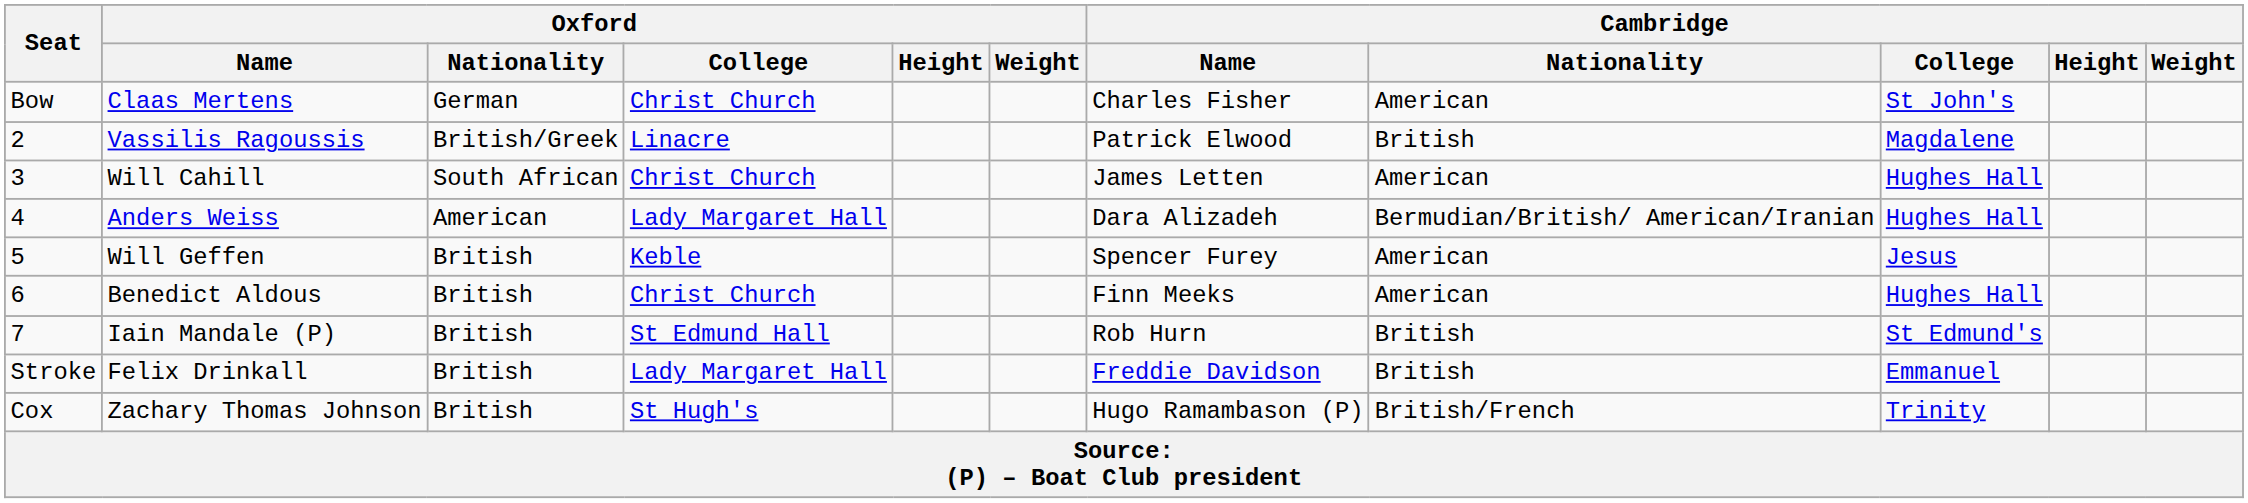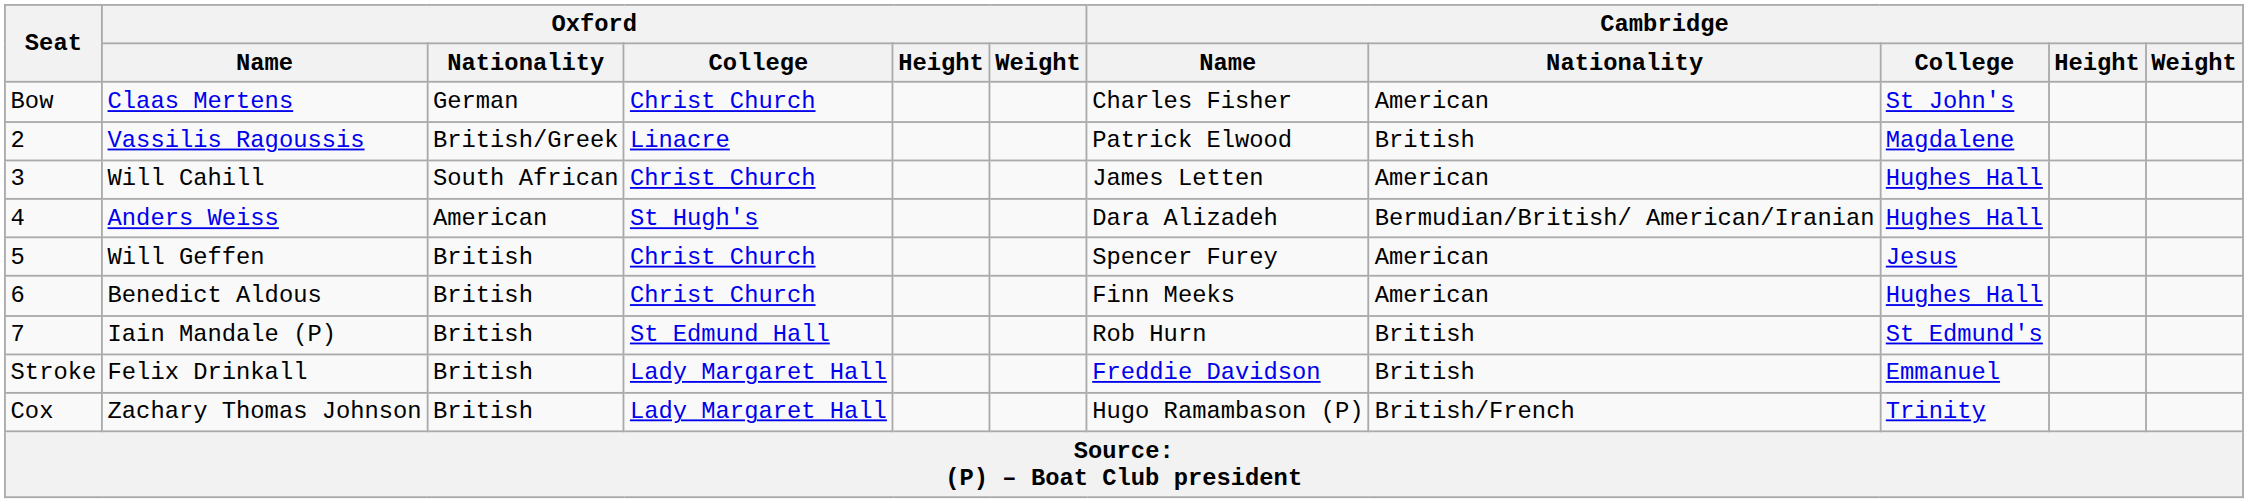 <table class="wikitable">
 <tr>
 <th rowspan="2" scope="col">Seat</th>
 <th colspan="5" scope="col">Oxford <br> </th>
 <th colspan="5" scope="col">Cambridge <br> </th>
 </tr>
 <tr>
 <th>Name</th>
 <th>Nationality</th>
 <th>College</th>
 <th>Height</th>
 <th>Weight</th>
 <th>Name</th>
 <th>Nationality</th>
 <th>College</th>
 <th>Height</th>
 <th>Weight</th>
 </tr>
 <tr>
 <td>Bow</td>
 <td><a href='#'>Claas Mertens</a></td>
 <td>German</td>
 <td><a href='#'>Christ Church</a></td>
 <td></td>
 <td></td>
 <td>Charles Fisher</td>
 <td>American</td>
 <td><a href='#'>St John's</a></td>
 <td></td>
 <td></td>
 </tr>
 <tr>
 <td>2</td>
 <td><a href='#'>Vassilis Ragoussis</a></td>
 <td>British/Greek</td>
 <td><a href='#'>Linacre</a></td>
 <td></td>
 <td></td>
 <td>Patrick Elwood</td>
 <td>British</td>
 <td><a href='#'>Magdalene</a></td>
 <td></td>
 <td></td>
 </tr>
 <tr>
 <td>3</td>
 <td>Will Cahill</td>
 <td>South African</td>
 <td><a href='#'>Christ Church</a></td>
 <td></td>
 <td></td>
 <td>James Letten</td>
 <td>American</td>
 <td><a href='#'>Hughes Hall</a></td>
 <td></td>
 <td></td>
 </tr>
 <tr>
 <td>4</td>
 <td><a href='#'>Anders Weiss</a></td>
 <td>American</td>
-<td><a href='#'>Lady Margaret Hall</a></td>
+<td><a href='#'>St Hugh's</a></td>
 <td></td>
 <td></td>
 <td>Dara Alizadeh</td>
 <td>Bermudian/British/ American/Iranian</td>
 <td><a href='#'>Hughes Hall</a></td>
 <td></td>
 <td></td>
 </tr>
 <tr>
 <td>5</td>
 <td>Will Geffen</td>
 <td>British</td>
-<td><a href='#'>Keble</a></td>
+<td><a href='#'>Christ Church</a></td>
 <td></td>
 <td></td>
 <td>Spencer Furey</td>
 <td>American</td>
 <td><a href='#'>Jesus</a></td>
 <td></td>
 <td></td>
 </tr>
 <tr>
 <td>6</td>
 <td>Benedict Aldous</td>
 <td>British</td>
 <td><a href='#'>Christ Church</a></td>
 <td></td>
 <td></td>
 <td>Finn Meeks</td>
 <td>American</td>
 <td><a href='#'>Hughes Hall</a></td>
 <td></td>
 <td></td>
 </tr>
 <tr>
 <td>7</td>
 <td>Iain Mandale (P)</td>
 <td>British</td>
 <td><a href='#'>St Edmund Hall</a></td>
 <td></td>
 <td></td>
 <td>Rob Hurn</td>
 <td>British</td>
 <td><a href='#'>St Edmund's</a></td>
 <td></td>
 <td></td>
 </tr>
 <tr>
 <td>Stroke</td>
 <td>Felix Drinkall</td>
 <td>British</td>
 <td><a href='#'>Lady Margaret Hall</a></td>
 <td></td>
 <td></td>
 <td><a href='#'>Freddie Davidson</a></td>
 <td>British</td>
 <td><a href='#'>Emmanuel</a></td>
 <td></td>
 <td></td>
 </tr>
 <tr>
 <td>Cox</td>
 <td>Zachary Thomas Johnson</td>
 <td>British</td>
-<td><a href='#'>St Hugh's</a></td>
+<td><a href='#'>Lady Margaret Hall</a></td>
 <td></td>
 <td></td>
 <td>Hugo Ramambason (P)</td>
 <td>British/French</td>
 <td><a href='#'>Trinity</a></td>
 <td></td>
 <td></td>
 </tr>
 <tr>
 <th colspan=11>Source:<br>(P) – Boat Club president</th>
 </tr>
 </table>
